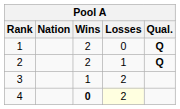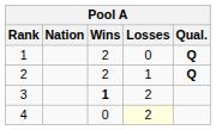 <table class="wikitable" style="text-align:center">
 <tr>
 <th colspan=5 align=center><strong>Pool A</strong></th>
 </tr>
 <tr>
 <th>Rank</th>
 <th>Nation</th>
 <th>Wins</th>
 <th>Losses</th>
 <th>Qual.</th>
 </tr>
 <tr>
 <td>1</td>
 <td align=left></td>
 <td>2</td>
 <td>0</td>
 <td><strong>Q</strong></td>
 </tr>
 <tr>
 <td>2</td>
 <td align=left></td>
 <td>2</td>
 <td>1</td>
 <td><strong>Q</strong></td>
 </tr>
 <tr>
 <td>3</td>
 <td align=left></td>
-<td>1</td>
+<td><strong>1</strong></td>
 <td>2</td>
 <td></td>
 </tr>
 <tr>
 <td>4</td>
 <td align=left></td>
-<td><strong>0</strong></td>
+<td>0</td>
 <td style="background: lightyellow;">2</td>
 <td></td>
 </tr>
 </table>
